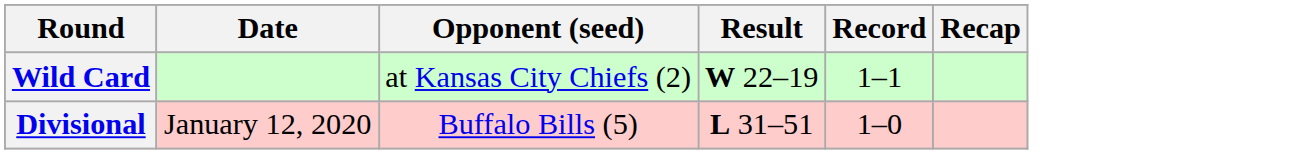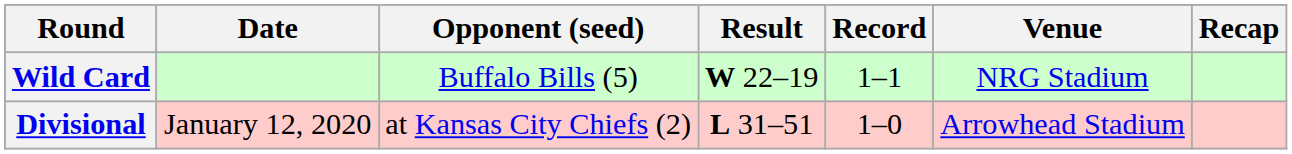 <table class="wikitable" style="text-align:center">
 <tr>
 <th>Round</th>
 <th>Date</th>
 <th>Opponent (seed)</th>
 <th>Result</th>
 <th>Record</th>
+<th>Venue</th>
 <th>Recap</th>
 </tr>
 <tr style="background:#cfc">
 <th><a href='#'>Wild Card</a></th>
 <td></td>
-<td>at <a href='#'>Kansas City Chiefs</a> (2)</td>
+<td><a href='#'>Buffalo Bills</a> (5)</td>
 <td><strong>W</strong> 22–19 </td>
 <td>1–1</td>
+<td><a href='#'>NRG Stadium</a></td>
 <td></td>
 </tr>
 <tr style="background:#fcc">
 <th><a href='#'>Divisional</a></th>
 <td>January 12, 2020</td>
-<td><a href='#'>Buffalo Bills</a> (5)</td>
+<td>at <a href='#'>Kansas City Chiefs</a> (2)</td>
 <td><strong>L</strong> 31–51</td>
 <td>1–0</td>
+<td><a href='#'>Arrowhead Stadium</a></td>
 <td></td>
 </tr>
 </table>
